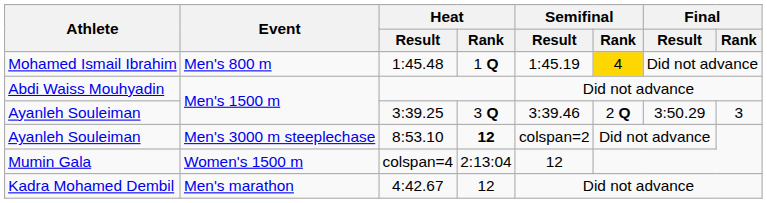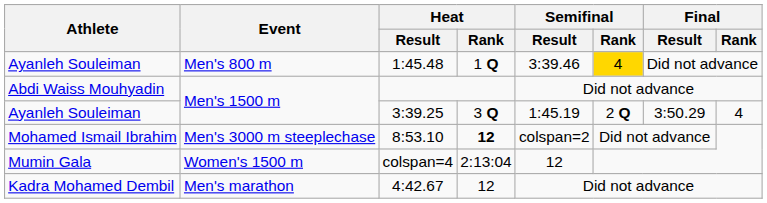 <table class="wikitable" style="font-size:90%">
 <tr>
 <th rowspan="2">Athlete</th>
 <th rowspan="2">Event</th>
 <th colspan="2">Heat</th>
 <th colspan="2">Semifinal</th>
 <th colspan="2">Final</th>
 </tr>
 <tr style="font-size:95%">
 <th>Result</th>
 <th>Rank</th>
 <th>Result</th>
 <th>Rank</th>
 <th>Result</th>
 <th>Rank</th>
 </tr>
 <tr align=center>
-<td align=left><a href='#'>Mohamed Ismail Ibrahim</a></td>
+<td align=left><a href='#'>Ayanleh Souleiman</a></td>
 <td align=left><a href='#'>Men's 800 m</a></td>
 <td>1:45.48</td>
 <td>1 <strong>Q</strong></td>
-<td>1:45.19</td>
+<td>3:39.46</td>
 <td style="background: gold;">4</td>
 <td colspan=2>Did not advance</td>
 </tr>
 <tr align=center>
 <td align=left><a href='#'>Abdi Waiss Mouhyadin</a></td>
 <td align=left rowspan=2><a href='#'>Men's 1500 m</a></td>
 <td colspan=2></td>
 <td colspan=4>Did not advance</td>
 </tr>
 <tr align=center>
 <td align=left><a href='#'>Ayanleh Souleiman</a></td>
 <td>3:39.25</td>
 <td>3 <strong>Q</strong></td>
-<td>3:39.46</td>
+<td>1:45.19</td>
 <td>2 <strong>Q</strong></td>
 <td>3:50.29</td>
-<td>3</td>
+<td>4</td>
 </tr>
 <tr align=center>
-<td align=left><a href='#'>Ayanleh Souleiman</a></td>
+<td align=left><a href='#'>Mohamed Ismail Ibrahim</a></td>
 <td align=left><a href='#'>Men's 3000 m steeplechase</a></td>
 <td>8:53.10</td>
 <td><strong>12</strong></td>
 <td>colspan=2 </td>
 <td colspan=2>Did not advance</td>
 </tr>
 <tr align=center>
 <td align=left><a href='#'>Mumin Gala</a></td>
 <td align=left><a href='#'>Women's 1500 m</a></td>
 <td>colspan=4 </td>
 <td>2:13:04</td>
 <td>12</td>
 </tr>
 <tr align=center>
 <td align=left><a href='#'>Kadra Mohamed Dembil</a></td>
 <td align=left><a href='#'>Men's marathon</a></td>
 <td>4:42.67</td>
 <td>12</td>
 <td colspan=4>Did not advance</td>
 </tr>
 </table>
